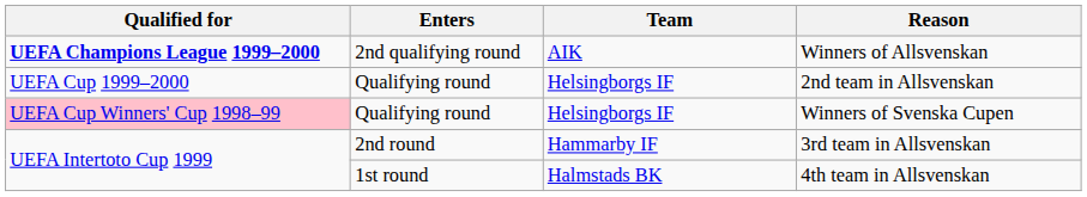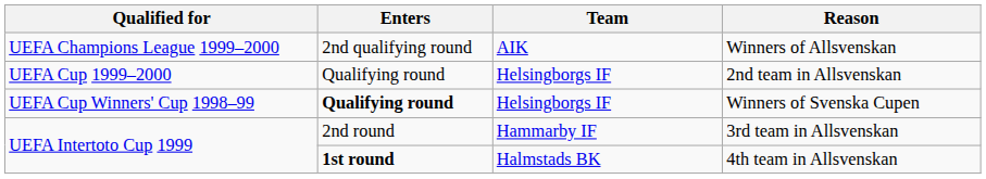 <table class="wikitable" style="text-align: left">
 <tr>
 <th style="width: 275px;">Qualified for</th>
 <th style="width: 150px;">Enters</th>
 <th style="width: 200px;">Team</th>
 <th style="width: 225px;">Reason</th>
 </tr>
 <tr>
-<td><strong><a href='#'>UEFA Champions League</a> <a href='#'>1999–2000</a></strong></td>
+<td><a href='#'>UEFA Champions League</a> <a href='#'>1999–2000</a></td>
 <td>2nd qualifying round</td>
 <td><a href='#'>AIK</a></td>
 <td>Winners of Allsvenskan</td>
 </tr>
 <tr>
 <td><a href='#'>UEFA Cup</a> <a href='#'>1999–2000</a></td>
 <td>Qualifying round</td>
 <td><a href='#'>Helsingborgs IF</a></td>
 <td>2nd team in Allsvenskan</td>
 </tr>
 <tr>
-<td style="background: pink;"><a href='#'>UEFA Cup Winners' Cup</a> <a href='#'>1998–99</a></td>
-<td>Qualifying round</td>
+<td><a href='#'>UEFA Cup Winners' Cup</a> <a href='#'>1998–99</a></td>
+<td><strong>Qualifying round</strong></td>
 <td><a href='#'>Helsingborgs IF</a></td>
 <td>Winners of Svenska Cupen</td>
 </tr>
 <tr>
 <td rowspan="2"><a href='#'>UEFA Intertoto Cup</a> <a href='#'>1999</a></td>
 <td>2nd round</td>
 <td><a href='#'>Hammarby IF</a></td>
 <td>3rd team in Allsvenskan</td>
 </tr>
 <tr>
-<td>1st round</td>
+<td><strong>1st round</strong></td>
 <td><a href='#'>Halmstads BK</a></td>
 <td>4th team in Allsvenskan</td>
 </tr>
 </table>
